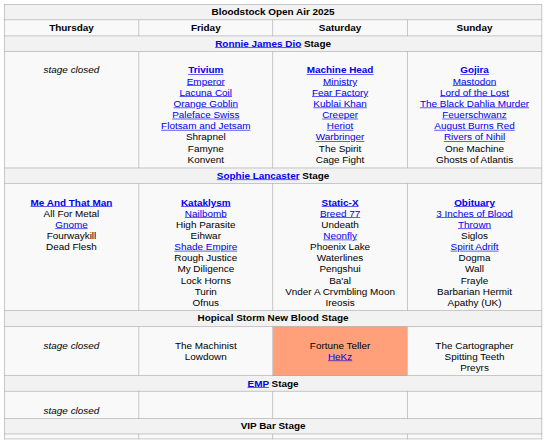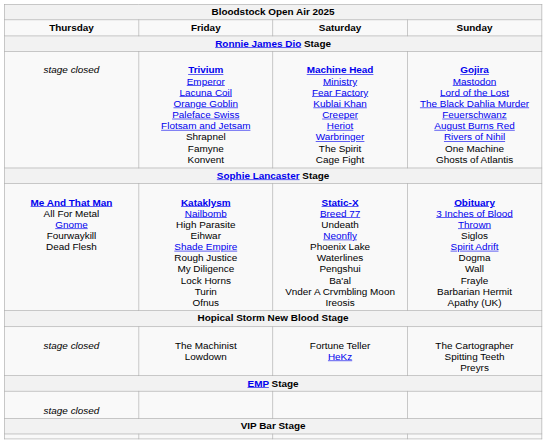 <table class="wikitable">
 <tr>
 <th colspan="4" align="center"><strong>Bloodstock Open Air 2025</strong></th>
 </tr>
 <tr>
 <td align="center"><strong>Thursday</strong></td>
 <td align="center"><strong>Friday</strong></td>
 <td align="center"><strong>Saturday</strong></td>
 <td align="center"><strong>Sunday</strong></td>
 </tr>
 <tr>
 <th colspan="4" align="center"><strong><a href='#'>Ronnie James Dio</a> Stage</strong></th>
 </tr>
 <tr>
 <td valign="top" align="center" width=212><br><em>stage closed</em></td>
 <td valign="top" align="center" width=212><br><strong><a href='#'>Trivium</a></strong> <br> <a href='#'>Emperor</a> <br> <a href='#'>Lacuna Coil</a> <br> <a href='#'>Orange Goblin</a> <br> <a href='#'>Paleface Swiss</a> <br> <a href='#'>Flotsam and Jetsam</a> <br> Shrapnel <br> Famyne <br> Konvent <br></td>
 <td valign="top" align="center" width=212><br><strong><a href='#'>Machine Head</a></strong> <br> <a href='#'>Ministry</a> <br> <a href='#'>Fear Factory</a> <br> <a href='#'>Kublai Khan</a> <br> <a href='#'>Creeper</a> <br> <a href='#'>Heriot</a> <br>  <a href='#'>Warbringer</a> <br> The Spirit <br> Cage Fight <br></td>
 <td valign="top" align="center" width=212><br><strong><a href='#'>Gojira</a></strong> <br> <a href='#'>Mastodon</a><br> <a href='#'>Lord of the Lost</a> <br> <a href='#'>The Black Dahlia Murder</a> <br> <a href='#'>Feuerschwanz</a> <br> <a href='#'>August Burns Red</a> <br> <a href='#'>Rivers of Nihil</a> <br> One Machine <br> Ghosts of Atlantis <br></td>
 </tr>
 <tr>
 <th colspan="4" align="center"><strong><a href='#'>Sophie Lancaster</a> Stage</strong></th>
 </tr>
 <tr>
 <td align="center" valign="top" width="212"><br><strong><a href='#'>Me And That Man</a></strong> <br> All For Metal <br> <a href='#'>Gnome</a> <br> Fourwaykill <br> Dead Flesh <br></td>
 <td valign="top" align="center" width=212><br><strong><a href='#'>Kataklysm</a></strong> <br> <a href='#'>Nailbomb</a> <br> High Parasite <br> Eihwar <br> <a href='#'>Shade Empire</a> <br> Rough Justice <br> My Diligence <br> Lock Horns <br> Turin <br> Ofnus <br></td>
 <td valign="top" align="center" width=212><br><strong><a href='#'>Static-X</a></strong> <br> <a href='#'>Breed 77</a> <br> Undeath <br> <a href='#'>Neonfly</a> <br> Phoenix Lake <br> Waterlines <br> Pengshui <br> Ba'al <br> Vnder A Crvmbling Moon <br> Ireosis <br></td>
 <td valign="top" align="center" width=212><br><strong><a href='#'>Obituary</a></strong> <br> <a href='#'>3 Inches of Blood</a> <br> <a href='#'>Thrown</a> <br> Siglos <br> <a href='#'>Spirit Adrift</a> <br> Dogma <br> Wall <br> Frayle <br> Barbarian Hermit <br>  Apathy (UK) <br></td>
 </tr>
 <tr>
 <th colspan="4" align="center"><strong>Hopical Storm New Blood Stage</strong></th>
 </tr>
 <tr>
 <td align="center" valign="top" width="212"><br><em>stage closed</em></td>
 <td align="center" valign="top" width="212"><br>The Machinist <br> Lowdown <br></td>
-<td align="center" valign="top" width="212" style="background: lightsalmon;"><br>Fortune Teller <br> <a href='#'>HeKz</a> <br></td>
+<td align="center" valign="top" width="212"><br>Fortune Teller <br> <a href='#'>HeKz</a> <br></td>
 <td align="center" valign="top" width="212"><br>The Cartographer <br> Spitting Teeth <br> Preyrs <br></td>
 </tr>
 <tr>
 <th colspan="4" align="center"><strong><a href='#'>EMP</a> Stage</strong></th>
 </tr>
 <tr>
 <td align="center" valign="top" width="212"><br><em>stage closed</em></td>
 <td align="center" valign="top" width="212"></td>
 <td align="center" valign="top" width="212"></td>
 <td align="center" valign="top" width="212"></td>
 </tr>
 <tr>
 <th colspan="4" align="center"><strong>VIP Bar Stage</strong></th>
 </tr>
 <tr>
 <td align="center" valign="top" width="212"></td>
 <td align="center" valign="top" width="212"></td>
 <td align="center" valign="top" width="212"></td>
 <td align="center" valign="top" width="212"></td>
 </tr>
 </table>
